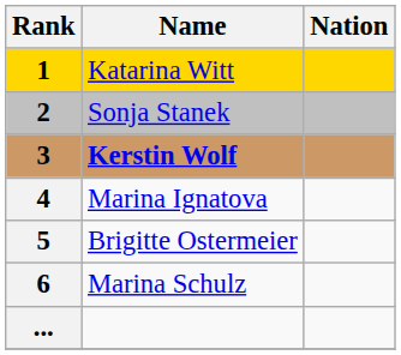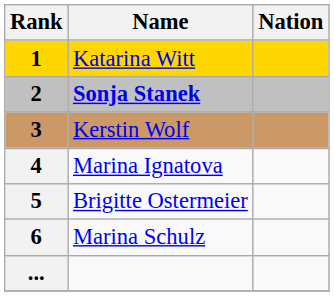 <table class="wikitable">
 <tr>
 <th>Rank</th>
 <th>Name</th>
 <th>Nation</th>
 </tr>
 <tr bgcolor="gold">
 <td align="center"><strong>1</strong></td>
 <td><a href='#'>Katarina Witt</a></td>
 <td></td>
 </tr>
 <tr bgcolor="silver">
 <td align="center"><strong>2</strong></td>
-<td><a href='#'>Sonja Stanek</a></td>
+<td><strong><a href='#'>Sonja Stanek</a></strong></td>
 <td></td>
 </tr>
 <tr bgcolor="cc9966">
 <td align="center"><strong>3</strong></td>
-<td><strong><a href='#'>Kerstin Wolf</a></strong></td>
+<td><a href='#'>Kerstin Wolf</a></td>
 <td></td>
 </tr>
 <tr>
 <th>4</th>
 <td><a href='#'>Marina Ignatova</a></td>
 <td></td>
 </tr>
 <tr>
 <th>5</th>
 <td><a href='#'>Brigitte Ostermeier</a></td>
 <td></td>
 </tr>
 <tr>
 <th>6</th>
 <td><a href='#'>Marina Schulz</a></td>
 <td></td>
 </tr>
 <tr>
 <th>...</th>
 <td></td>
 <td></td>
 </tr>
 <tr>
 </tr>
 </table>
